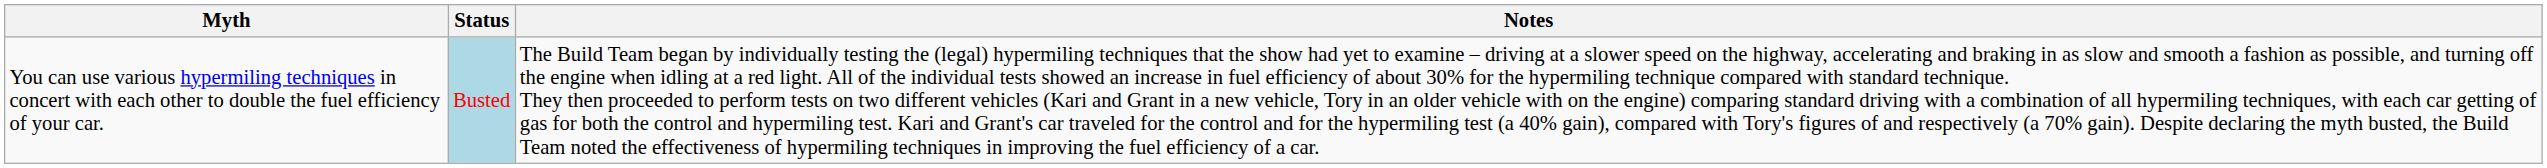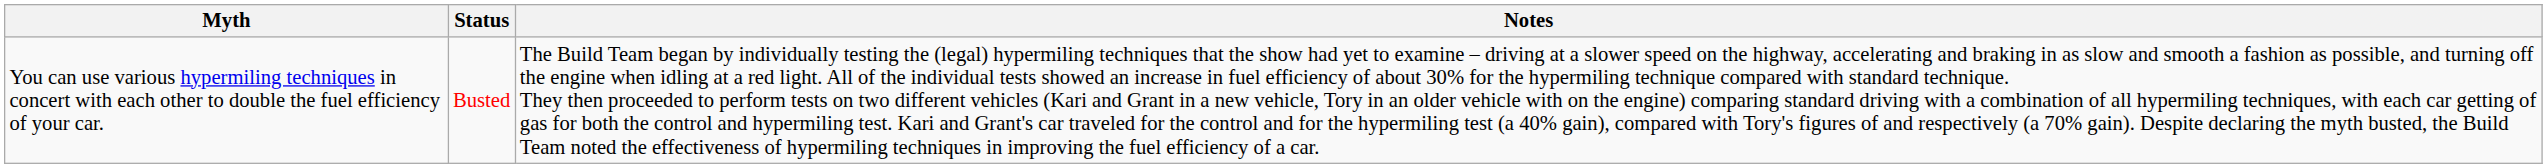 <table class="wikitable plainrowheaders">
 <tr>
 <th scope="col">Myth</th>
 <th scope="col">Status</th>
 <th scope="col">Notes</th>
 </tr>
 <tr>
 <td scope="row">You can use various <a href='#'>hypermiling techniques</a> in concert with each other to double the fuel efficiency of your car.</td>
-<td style="background: lightblue; color:red">Busted</td>
+<td style="color:red">Busted</td>
 <td>The Build Team began by individually testing the (legal) hypermiling techniques that the show had yet to examine – driving at a slower speed on the highway, accelerating and braking in as slow and smooth a fashion as possible, and turning off the engine when idling at a red light. All of the individual tests showed an increase in fuel efficiency of about 30% for the hypermiling technique compared with standard technique.<br>They then proceeded to perform tests on two different vehicles (Kari and Grant in a new vehicle, Tory in an older vehicle with  on the engine) comparing standard driving with a combination of all hypermiling techniques, with each car getting  of gas for both the control and hypermiling test. Kari and Grant's car traveled  for the control and  for the hypermiling test (a 40% gain), compared with Tory's figures of  and  respectively (a 70% gain). Despite declaring the myth busted, the Build Team noted the effectiveness of hypermiling techniques in improving the fuel efficiency of a car.</td>
 </tr>
 </table>
